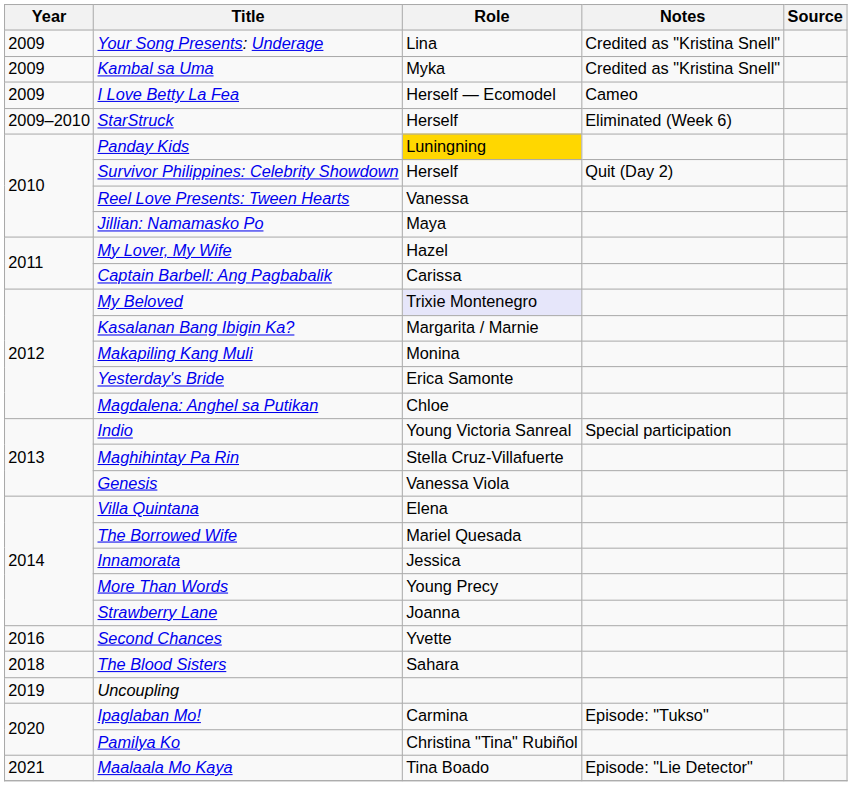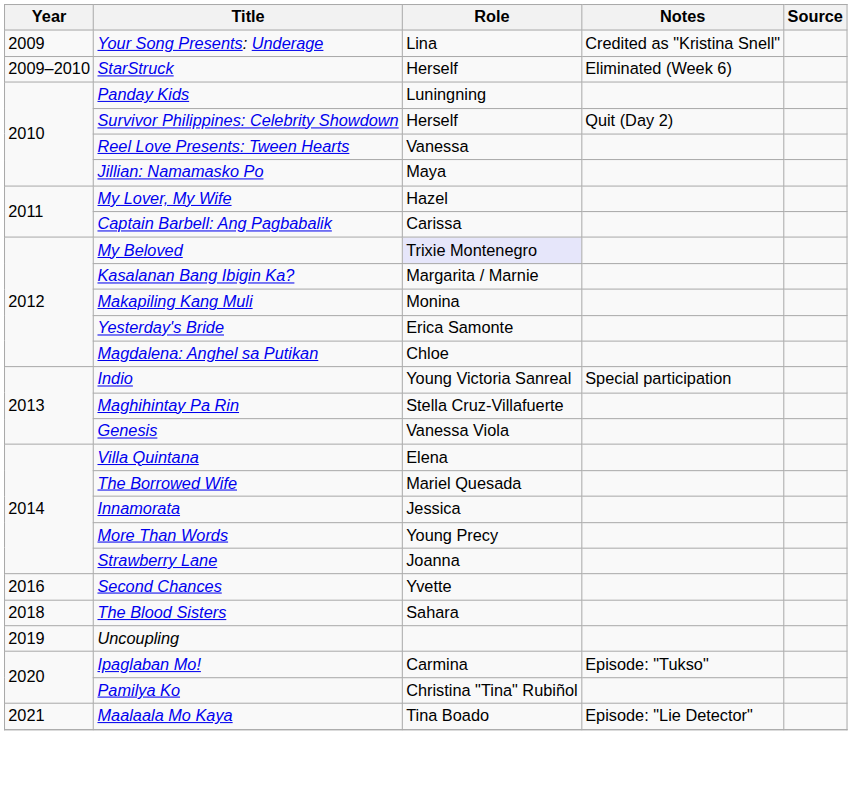 <table class="wikitable sortable" >
 <tr>
 <th>Year</th>
 <th>Title</th>
 <th>Role</th>
 <th class="unsortable">Notes </th>
 <th class="unsortable">Source </th>
 </tr>
 <tr>
 <td>2009</td>
 <td><em><a href='#'>Your Song Presents</a>: <a href='#'>Underage</a></em></td>
 <td>Lina</td>
 <td>Credited as "Kristina Snell"</td>
 <td></td>
 </tr>
 <tr>
-<td>2009</td>
-<td><em><a href='#'>Kambal sa Uma</a></em></td>
-<td>Myka</td>
-<td>Credited as "Kristina Snell"</td>
-<td></td>
-</tr>
-<tr>
-<td>2009</td>
-<td><em><a href='#'>I Love Betty La Fea</a></em></td>
-<td>Herself ― Ecomodel</td>
-<td>Cameo</td>
-<td></td>
-</tr>
-<tr>
 <td>2009–2010</td>
 <td><em><a href='#'>StarStruck</a></em></td>
 <td>Herself</td>
 <td>Eliminated (Week 6)</td>
 <td></td>
 </tr>
 <tr>
 <td rowspan="4">2010</td>
 <td><em><a href='#'>Panday Kids</a></em></td>
-<td style="background: gold;">Luningning</td>
+<td>Luningning</td>
 <td></td>
 <td></td>
 </tr>
 <tr>
 <td><em><a href='#'>Survivor Philippines: Celebrity Showdown</a></em></td>
 <td>Herself</td>
 <td>Quit (Day 2)</td>
 <td></td>
 </tr>
 <tr>
 <td><em><a href='#'>Reel Love Presents: Tween Hearts</a></em></td>
 <td>Vanessa</td>
 <td></td>
 <td></td>
 </tr>
 <tr>
 <td><em><a href='#'>Jillian: Namamasko Po</a></em></td>
 <td>Maya</td>
 <td></td>
 <td></td>
 </tr>
 <tr>
 <td rowspan="2">2011</td>
 <td><em><a href='#'>My Lover, My Wife</a></em></td>
 <td>Hazel</td>
 <td></td>
 <td></td>
 </tr>
 <tr>
 <td><em><a href='#'>Captain Barbell: Ang Pagbabalik</a></em></td>
 <td>Carissa</td>
 <td></td>
 <td></td>
 </tr>
 <tr>
 <td rowspan="5">2012</td>
 <td><em><a href='#'>My Beloved</a></em></td>
 <td style="background: lavender;">Trixie Montenegro</td>
 <td></td>
 <td></td>
 </tr>
 <tr>
 <td><em><a href='#'>Kasalanan Bang Ibigin Ka?</a></em></td>
 <td>Margarita / Marnie</td>
 <td></td>
 <td></td>
 </tr>
 <tr>
 <td><em><a href='#'>Makapiling Kang Muli</a></em></td>
 <td>Monina</td>
 <td></td>
 <td></td>
 </tr>
 <tr>
 <td><em><a href='#'>Yesterday's Bride</a></em></td>
 <td>Erica Samonte</td>
 <td></td>
 <td></td>
 </tr>
 <tr>
 <td><em><a href='#'>Magdalena: Anghel sa Putikan</a></em></td>
 <td>Chloe</td>
 <td></td>
 <td></td>
 </tr>
 <tr>
 <td rowspan="3">2013</td>
 <td><em><a href='#'>Indio</a></em></td>
 <td>Young Victoria Sanreal</td>
 <td>Special participation</td>
 <td></td>
 </tr>
 <tr>
 <td><em><a href='#'>Maghihintay Pa Rin</a></em></td>
 <td>Stella Cruz-Villafuerte</td>
 <td></td>
 <td></td>
 </tr>
 <tr>
 <td><em><a href='#'>Genesis</a></em></td>
 <td>Vanessa Viola</td>
 <td></td>
 <td></td>
 </tr>
 <tr>
 <td rowspan="5">2014</td>
 <td><em><a href='#'>Villa Quintana</a></em></td>
 <td>Elena</td>
 <td></td>
 <td></td>
 </tr>
 <tr>
 <td><em><a href='#'>The Borrowed Wife</a></em></td>
 <td>Mariel Quesada</td>
 <td></td>
 <td></td>
 </tr>
 <tr>
 <td><em><a href='#'>Innamorata</a></em></td>
 <td>Jessica</td>
 <td></td>
 <td></td>
 </tr>
 <tr>
 <td><em><a href='#'>More Than Words</a></em></td>
 <td>Young Precy</td>
 <td></td>
 <td></td>
 </tr>
 <tr>
 <td><em><a href='#'>Strawberry Lane</a></em></td>
 <td>Joanna</td>
 <td></td>
 <td></td>
 </tr>
 <tr>
 <td rowspan="1">2016</td>
 <td><em><a href='#'>Second Chances</a></em></td>
 <td>Yvette</td>
 <td></td>
 <td></td>
 </tr>
 <tr>
 <td>2018</td>
 <td><em><a href='#'>The Blood Sisters</a></em></td>
 <td>Sahara</td>
 <td></td>
 <td></td>
 </tr>
 <tr>
 <td>2019</td>
 <td><em>Uncoupling</em></td>
 <td></td>
 <td></td>
 <td></td>
 </tr>
 <tr>
 <td rowspan="2">2020</td>
 <td><em><a href='#'>Ipaglaban Mo!</a></em></td>
 <td>Carmina</td>
 <td>Episode: "Tukso"</td>
 <td></td>
 </tr>
 <tr>
 <td><em><a href='#'>Pamilya Ko</a></em></td>
 <td>Christina "Tina" Rubiñol</td>
 <td></td>
 <td></td>
 </tr>
 <tr>
 <td>2021</td>
 <td><em><a href='#'>Maalaala Mo Kaya</a></em></td>
 <td>Tina Boado</td>
 <td>Episode: "Lie Detector"</td>
 <td></td>
 </tr>
 <tr>
 </tr>
 </table>
